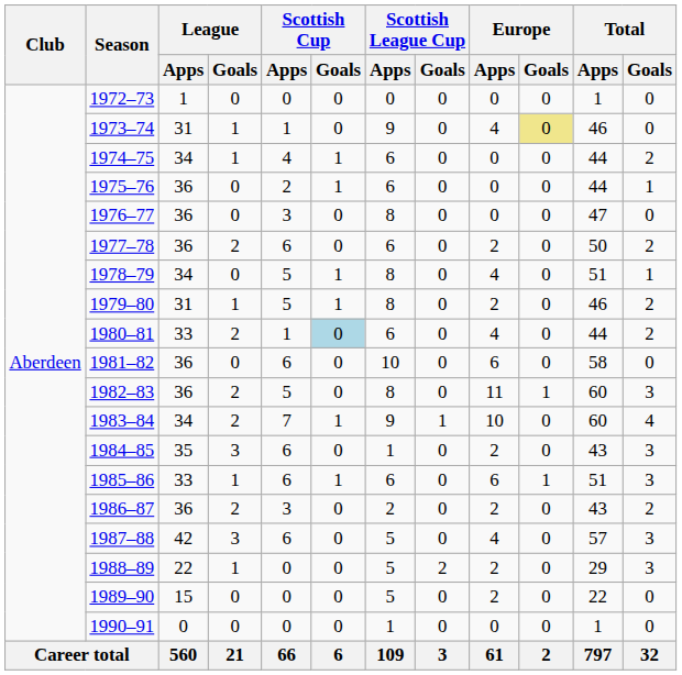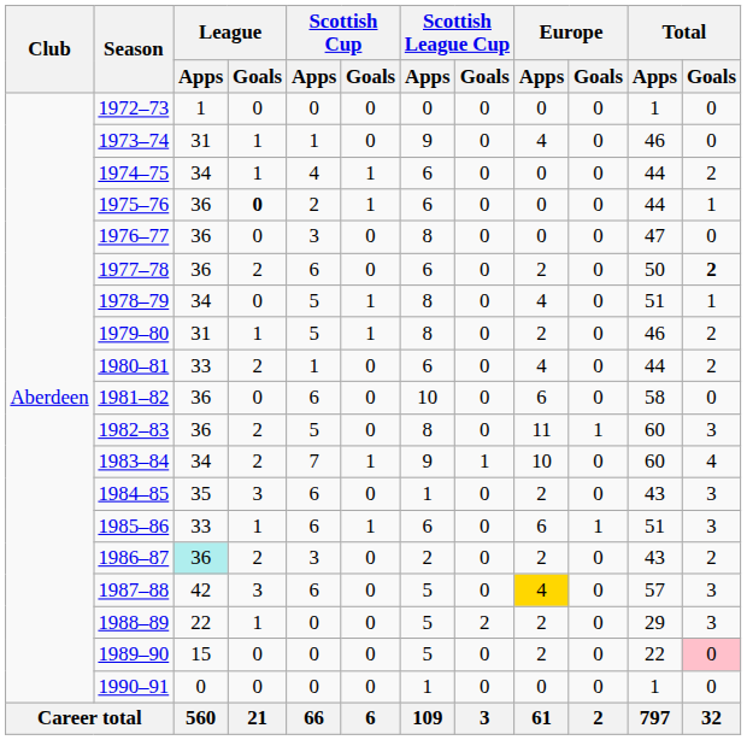 <table class="wikitable" style="text-align:center">
 <tr>
 <th rowspan="2">Club</th>
 <th rowspan="2">Season</th>
 <th colspan="2">League</th>
 <th colspan="2"><a href='#'>Scottish<br>Cup</a></th>
 <th colspan="2"><a href='#'>Scottish<br>League Cup</a></th>
 <th colspan="2">Europe</th>
 <th colspan="2">Total</th>
 </tr>
 <tr>
 <th>Apps</th>
 <th>Goals</th>
 <th>Apps</th>
 <th>Goals</th>
 <th>Apps</th>
 <th>Goals</th>
 <th>Apps</th>
 <th>Goals</th>
 <th>Apps</th>
 <th>Goals</th>
 </tr>
 <tr>
 <td rowspan="19"><a href='#'>Aberdeen</a></td>
 <td><a href='#'>1972–73</a></td>
 <td>1</td>
 <td>0</td>
 <td>0</td>
 <td>0</td>
 <td>0</td>
 <td>0</td>
 <td>0</td>
 <td>0</td>
 <td>1</td>
 <td>0</td>
 </tr>
 <tr>
 <td><a href='#'>1973–74</a></td>
 <td>31</td>
 <td>1</td>
 <td>1</td>
 <td>0</td>
 <td>9</td>
 <td>0</td>
 <td>4</td>
-<td style="background: khaki;">0</td>
+<td>0</td>
 <td>46</td>
 <td>0</td>
 </tr>
 <tr>
 <td><a href='#'>1974–75</a></td>
 <td>34</td>
 <td>1</td>
 <td>4</td>
 <td>1</td>
 <td>6</td>
 <td>0</td>
 <td>0</td>
 <td>0</td>
 <td>44</td>
 <td>2</td>
 </tr>
 <tr>
 <td><a href='#'>1975–76</a></td>
 <td>36</td>
-<td>0</td>
+<td><strong>0</strong></td>
 <td>2</td>
 <td>1</td>
 <td>6</td>
 <td>0</td>
 <td>0</td>
 <td>0</td>
 <td>44</td>
 <td>1</td>
 </tr>
 <tr>
 <td><a href='#'>1976–77</a></td>
 <td>36</td>
 <td>0</td>
 <td>3</td>
 <td>0</td>
 <td>8</td>
 <td>0</td>
 <td>0</td>
 <td>0</td>
 <td>47</td>
 <td>0</td>
 </tr>
 <tr>
 <td><a href='#'>1977–78</a></td>
 <td>36</td>
 <td>2</td>
 <td>6</td>
 <td>0</td>
 <td>6</td>
 <td>0</td>
 <td>2</td>
 <td>0</td>
 <td>50</td>
-<td>2</td>
+<td><strong>2</strong></td>
 </tr>
 <tr>
 <td><a href='#'>1978–79</a></td>
 <td>34</td>
 <td>0</td>
 <td>5</td>
 <td>1</td>
 <td>8</td>
 <td>0</td>
 <td>4</td>
 <td>0</td>
 <td>51</td>
 <td>1</td>
 </tr>
 <tr>
 <td><a href='#'>1979–80</a></td>
 <td>31</td>
 <td>1</td>
 <td>5</td>
 <td>1</td>
 <td>8</td>
 <td>0</td>
 <td>2</td>
 <td>0</td>
 <td>46</td>
 <td>2</td>
 </tr>
 <tr>
 <td><a href='#'>1980–81</a></td>
 <td>33</td>
 <td>2</td>
 <td>1</td>
-<td style="background: lightblue;">0</td>
+<td>0</td>
 <td>6</td>
 <td>0</td>
 <td>4</td>
 <td>0</td>
 <td>44</td>
 <td>2</td>
 </tr>
 <tr>
 <td><a href='#'>1981–82</a></td>
 <td>36</td>
 <td>0</td>
 <td>6</td>
 <td>0</td>
 <td>10</td>
 <td>0</td>
 <td>6</td>
 <td>0</td>
 <td>58</td>
 <td>0</td>
 </tr>
 <tr>
 <td><a href='#'>1982–83</a></td>
 <td>36</td>
 <td>2</td>
 <td>5</td>
 <td>0</td>
 <td>8</td>
 <td>0</td>
 <td>11</td>
 <td>1</td>
 <td>60</td>
 <td>3</td>
 </tr>
 <tr>
 <td><a href='#'>1983–84</a></td>
 <td>34</td>
 <td>2</td>
 <td>7</td>
 <td>1</td>
 <td>9</td>
 <td>1</td>
 <td>10</td>
 <td>0</td>
 <td>60</td>
 <td>4</td>
 </tr>
 <tr>
 <td><a href='#'>1984–85</a></td>
 <td>35</td>
 <td>3</td>
 <td>6</td>
 <td>0</td>
 <td>1</td>
 <td>0</td>
 <td>2</td>
 <td>0</td>
 <td>43</td>
 <td>3</td>
 </tr>
 <tr>
 <td><a href='#'>1985–86</a></td>
 <td>33</td>
 <td>1</td>
 <td>6</td>
 <td>1</td>
 <td>6</td>
 <td>0</td>
 <td>6</td>
 <td>1</td>
 <td>51</td>
 <td>3</td>
 </tr>
 <tr>
 <td><a href='#'>1986–87</a></td>
-<td>36</td>
+<td style="background: paleturquoise;">36</td>
 <td>2</td>
 <td>3</td>
 <td>0</td>
 <td>2</td>
 <td>0</td>
 <td>2</td>
 <td>0</td>
 <td>43</td>
 <td>2</td>
 </tr>
 <tr>
 <td><a href='#'>1987–88</a></td>
 <td>42</td>
 <td>3</td>
 <td>6</td>
 <td>0</td>
 <td>5</td>
 <td>0</td>
-<td>4</td>
+<td style="background: gold;">4</td>
 <td>0</td>
 <td>57</td>
 <td>3</td>
 </tr>
 <tr>
 <td><a href='#'>1988–89</a></td>
 <td>22</td>
 <td>1</td>
 <td>0</td>
 <td>0</td>
 <td>5</td>
 <td>2</td>
 <td>2</td>
 <td>0</td>
 <td>29</td>
 <td>3</td>
 </tr>
 <tr>
 <td><a href='#'>1989–90</a></td>
 <td>15</td>
 <td>0</td>
 <td>0</td>
 <td>0</td>
 <td>5</td>
 <td>0</td>
 <td>2</td>
 <td>0</td>
 <td>22</td>
-<td>0</td>
+<td style="background: pink;">0</td>
 </tr>
 <tr>
 <td><a href='#'>1990–91</a></td>
 <td>0</td>
 <td>0</td>
 <td>0</td>
 <td>0</td>
 <td>1</td>
 <td>0</td>
 <td>0</td>
 <td>0</td>
 <td>1</td>
 <td>0</td>
 </tr>
 <tr>
 <th colspan="2">Career total</th>
 <th>560</th>
 <th>21</th>
 <th>66</th>
 <th>6</th>
 <th>109</th>
 <th>3</th>
 <th>61</th>
 <th>2</th>
 <th>797</th>
 <th>32</th>
 </tr>
 </table>
